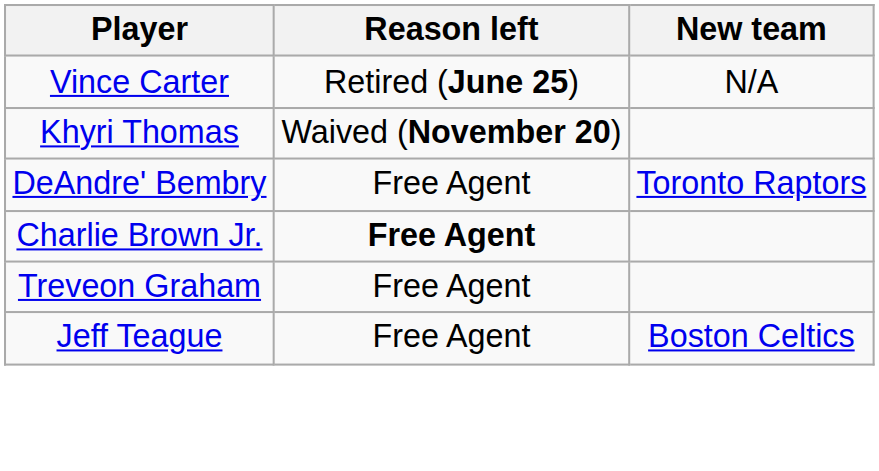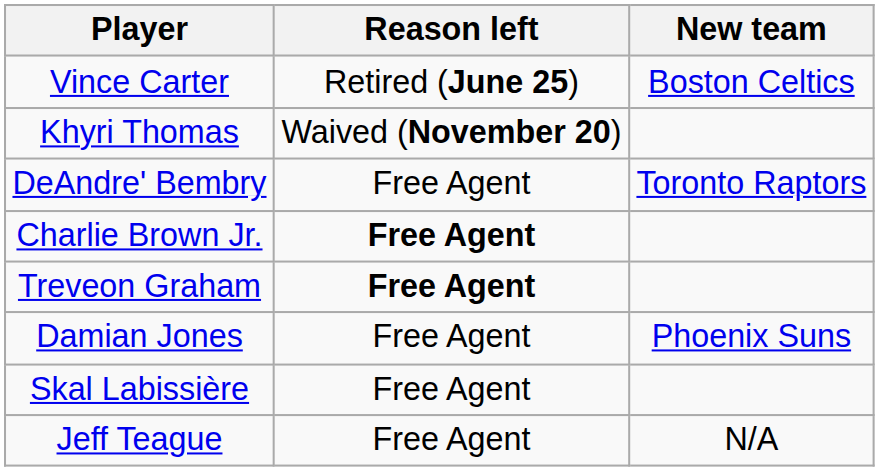 <table class="wikitable sortable sortable" style="text-align: center">
 <tr>
 <th>Player</th>
 <th>Reason left</th>
 <th>New team</th>
 </tr>
 <tr style="text-align: center">
 <td><a href='#'>Vince Carter</a></td>
 <td>Retired (<strong>June 25</strong>)</td>
-<td>N/A</td>
+<td><a href='#'>Boston Celtics</a></td>
 </tr>
 <tr style="text-align: center">
 <td><a href='#'>Khyri Thomas</a></td>
 <td>Waived (<strong>November 20</strong>)</td>
 <td></td>
 </tr>
 <tr style="text-align: center">
 <td><a href='#'>DeAndre' Bembry</a></td>
 <td>Free Agent</td>
 <td><a href='#'>Toronto Raptors</a></td>
 </tr>
 <tr style="text-align: center">
 <td><a href='#'>Charlie Brown Jr.</a></td>
 <td><strong>Free Agent</strong></td>
 <td></td>
 </tr>
 <tr style="text-align: center">
 <td><a href='#'>Treveon Graham</a></td>
+<td><strong>Free Agent</strong></td>
+<td></td>
+</tr>
+<tr style="text-align: center">
+<td><a href='#'>Damian Jones</a></td>
+<td>Free Agent</td>
+<td><a href='#'>Phoenix Suns</a></td>
+</tr>
+<tr style="text-align: center">
+<td><a href='#'>Skal Labissière</a></td>
 <td>Free Agent</td>
 <td></td>
 </tr>
 <tr style="text-align: center">
 <td><a href='#'>Jeff Teague</a></td>
 <td>Free Agent</td>
-<td><a href='#'>Boston Celtics</a></td>
+<td>N/A</td>
 </tr>
 </table>
